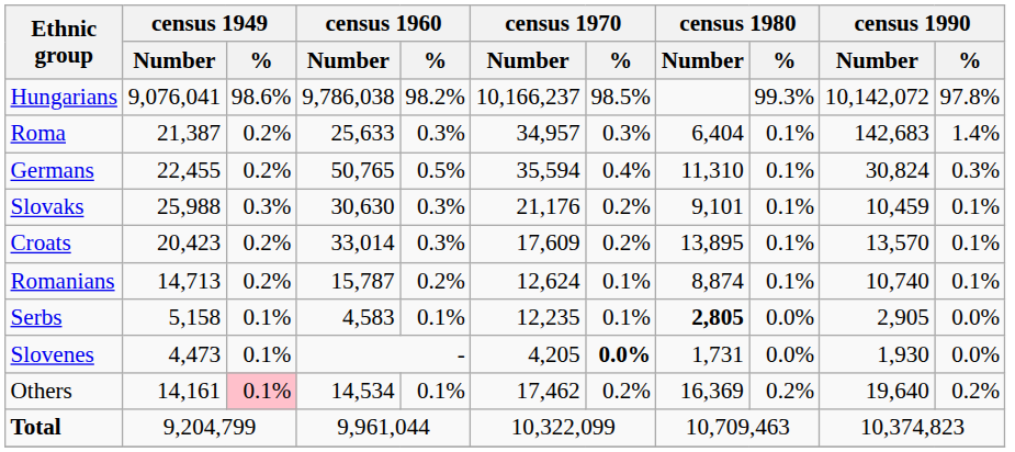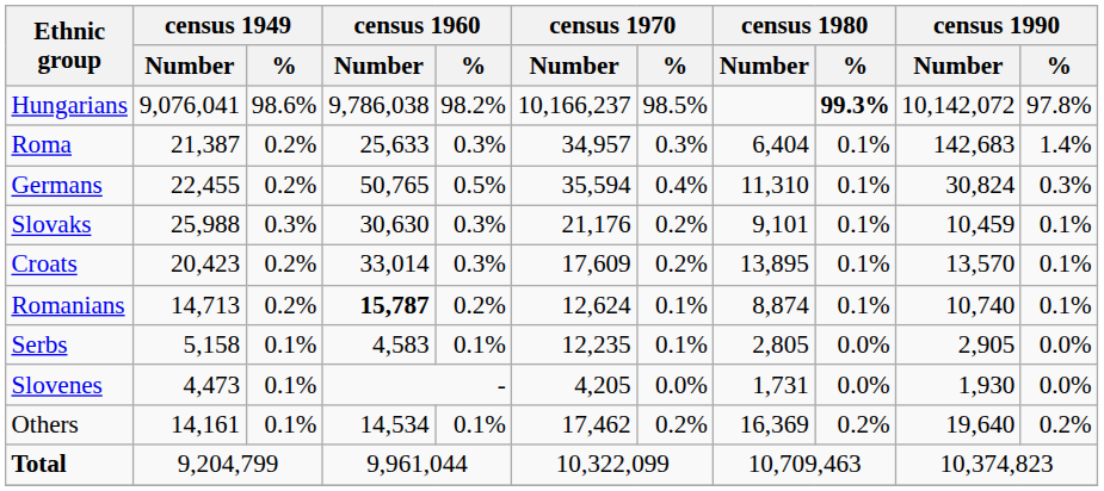 <table class="wikitable" style="text-align: right;">
 <tr bgcolor="#e0e0e0">
 <th rowspan="2">Ethnic<br>group</th>
 <th colspan="2">census 1949</th>
 <th colspan="2">census 1960</th>
 <th colspan="2">census 1970</th>
 <th colspan="2">census 1980</th>
 <th colspan="2">census 1990</th>
 </tr>
 <tr bgcolor="#e0e0e0">
 <th>Number</th>
 <th>%</th>
 <th>Number</th>
 <th>%</th>
 <th>Number</th>
 <th>%</th>
 <th>Number</th>
 <th>%</th>
 <th>Number</th>
 <th>%</th>
 </tr>
 <tr>
 <td align="left"><a href='#'>Hungarians</a></td>
 <td>9,076,041</td>
 <td>98.6%</td>
 <td>9,786,038</td>
 <td>98.2%</td>
 <td>10,166,237</td>
 <td>98.5%</td>
 <td></td>
-<td>99.3%</td>
+<td><strong>99.3%</strong></td>
 <td>10,142,072</td>
 <td>97.8%</td>
 </tr>
 <tr>
 <td align="left"><a href='#'>Roma</a></td>
 <td>21,387</td>
 <td>0.2%</td>
 <td>25,633</td>
 <td>0.3%</td>
 <td>34,957</td>
 <td>0.3%</td>
 <td>6,404</td>
 <td>0.1%</td>
 <td>142,683</td>
 <td>1.4%</td>
 </tr>
 <tr>
 <td align="left"><a href='#'>Germans</a></td>
 <td>22,455</td>
 <td>0.2%</td>
 <td>50,765</td>
 <td>0.5%</td>
 <td>35,594</td>
 <td>0.4%</td>
 <td>11,310</td>
 <td>0.1%</td>
 <td>30,824</td>
 <td>0.3%</td>
 </tr>
 <tr>
 <td align="left"><a href='#'>Slovaks</a></td>
 <td>25,988</td>
 <td>0.3%</td>
 <td>30,630</td>
 <td>0.3%</td>
 <td>21,176</td>
 <td>0.2%</td>
 <td>9,101</td>
 <td>0.1%</td>
 <td>10,459</td>
 <td>0.1%</td>
 </tr>
 <tr>
 <td align="left"><a href='#'>Croats</a></td>
 <td>20,423</td>
 <td>0.2%</td>
 <td>33,014</td>
 <td>0.3%</td>
 <td>17,609</td>
 <td>0.2%</td>
 <td>13,895</td>
 <td>0.1%</td>
 <td>13,570</td>
 <td>0.1%</td>
 </tr>
 <tr>
 <td align="left"><a href='#'>Romanians</a></td>
 <td>14,713</td>
 <td>0.2%</td>
-<td>15,787</td>
+<td><strong>15,787</strong></td>
 <td>0.2%</td>
 <td>12,624</td>
 <td>0.1%</td>
 <td>8,874</td>
 <td>0.1%</td>
 <td>10,740</td>
 <td>0.1%</td>
 </tr>
 <tr>
 <td align="left"><a href='#'>Serbs</a></td>
 <td>5,158</td>
 <td>0.1%</td>
 <td>4,583</td>
 <td>0.1%</td>
 <td>12,235</td>
 <td>0.1%</td>
-<td><strong>2,805</strong></td>
+<td>2,805</td>
 <td>0.0%</td>
 <td>2,905</td>
 <td>0.0%</td>
 </tr>
 <tr>
 <td align="left"><a href='#'>Slovenes</a></td>
 <td>4,473</td>
 <td>0.1%</td>
 <td colspan="2">-</td>
 <td>4,205</td>
-<td><strong>0.0%</strong></td>
+<td>0.0%</td>
 <td>1,731</td>
 <td>0.0%</td>
 <td>1,930</td>
 <td>0.0%</td>
 </tr>
 <tr>
 <td align="left">Others</td>
 <td>14,161</td>
-<td style="background: pink;">0.1%</td>
+<td>0.1%</td>
 <td>14,534</td>
 <td>0.1%</td>
 <td>17,462</td>
 <td>0.2%</td>
 <td>16,369</td>
 <td>0.2%</td>
 <td>19,640</td>
 <td>0.2%</td>
 </tr>
 <tr>
 <td align="left"><strong>Total</strong></td>
 <td colspan="2" align="center">9,204,799</td>
 <td colspan="2" align="center">9,961,044</td>
 <td colspan="2" align="center">10,322,099</td>
 <td colspan="2" align="center">10,709,463</td>
 <td colspan="2" align="center">10,374,823</td>
 </tr>
 <tr>
 </tr>
 </table>
